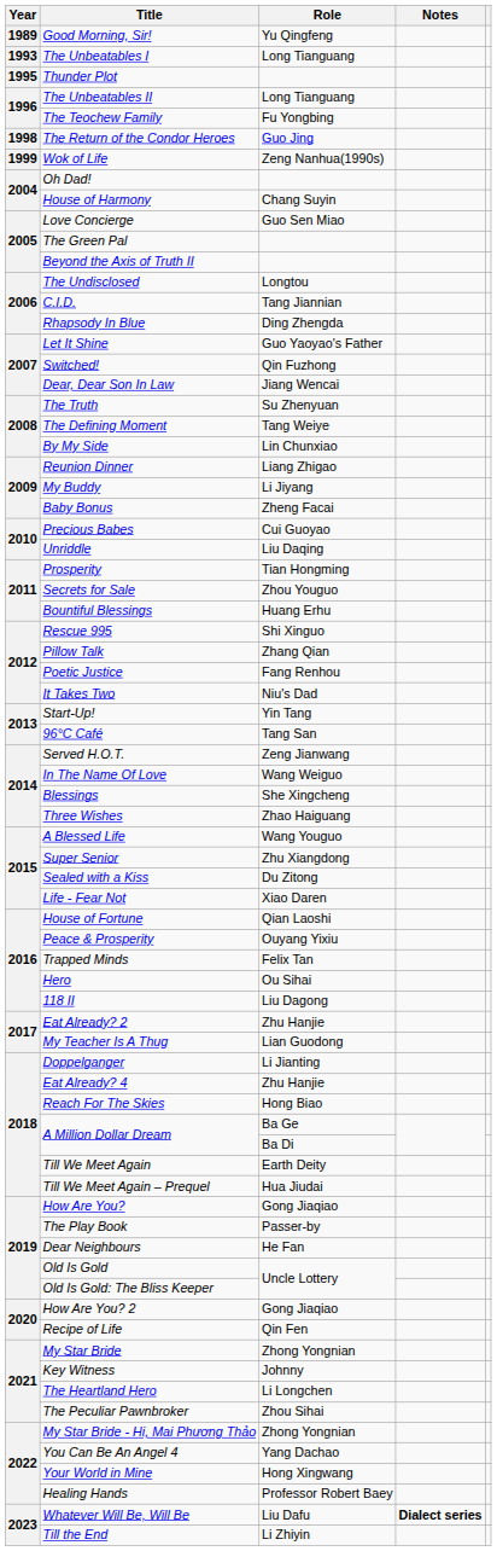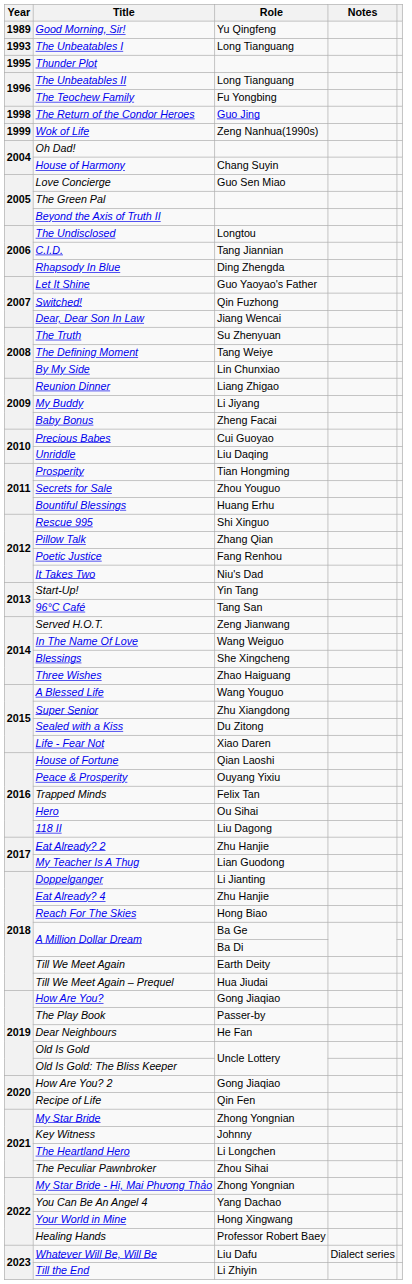 <table class="wikitable sortable plainrowheaders">
 <tr>
 <th scope="col">Year</th>
 <th scope="col">Title</th>
 <th scope="col">Role</th>
 <th scope="col" class="unsortable">Notes</th>
 <th scope="col" class="unsortable"></th>
 </tr>
 <tr>
 <th scope="row">1989</th>
 <td><em><a href='#'>Good Morning, Sir!</a></em></td>
 <td>Yu Qingfeng</td>
 <td></td>
 <td></td>
 </tr>
 <tr>
 <th scope="row">1993</th>
 <td><em><a href='#'>The Unbeatables I</a></em></td>
 <td>Long Tianguang</td>
 <td></td>
 <td></td>
 </tr>
 <tr>
 <th scope="row">1995</th>
 <td><em><a href='#'>Thunder Plot</a></em></td>
 <td></td>
 <td></td>
 <td></td>
 </tr>
 <tr>
 <th scope="row" rowspan="2">1996</th>
 <td><em><a href='#'>The Unbeatables II</a></em></td>
 <td>Long Tianguang</td>
 <td></td>
 <td></td>
 </tr>
 <tr>
 <td><em><a href='#'>The Teochew Family</a></em></td>
 <td>Fu Yongbing</td>
 <td></td>
 <td></td>
 </tr>
 <tr>
 <th scope="row">1998</th>
 <td><em><a href='#'>The Return of the Condor Heroes</a></em></td>
 <td><a href='#'>Guo Jing</a></td>
 <td></td>
 <td></td>
 </tr>
 <tr>
 <th scope="row">1999</th>
 <td><em><a href='#'>Wok of Life</a></em></td>
 <td>Zeng Nanhua(1990s)</td>
 <td></td>
 <td></td>
 </tr>
 <tr>
 <th scope="row" rowspan="2">2004</th>
 <td><em>Oh Dad!</em></td>
 <td></td>
 <td></td>
 <td></td>
 </tr>
 <tr>
 <td><em><a href='#'>House of Harmony</a></em></td>
 <td>Chang Suyin</td>
 <td></td>
 <td></td>
 </tr>
 <tr>
 <th scope="row" rowspan="3">2005</th>
 <td><em>Love Concierge</em></td>
 <td>Guo Sen Miao</td>
 <td></td>
 <td></td>
 </tr>
 <tr>
 <td><em>The Green Pal</em></td>
 <td></td>
 <td></td>
 <td></td>
 </tr>
 <tr>
 <td><em><a href='#'>Beyond the Axis of Truth II</a></em></td>
 <td></td>
 <td></td>
 <td></td>
 </tr>
 <tr>
 <th scope="row" rowspan="3">2006</th>
 <td><em><a href='#'>The Undisclosed</a></em></td>
 <td>Longtou</td>
 <td></td>
 <td></td>
 </tr>
 <tr>
 <td><em><a href='#'>C.I.D.</a></em></td>
 <td>Tang Jiannian</td>
 <td></td>
 <td></td>
 </tr>
 <tr>
 <td><em><a href='#'>Rhapsody In Blue</a></em></td>
 <td>Ding Zhengda</td>
 <td></td>
 <td></td>
 </tr>
 <tr>
 <th scope="row" rowspan="3">2007</th>
 <td><em><a href='#'>Let It Shine</a></em></td>
 <td>Guo Yaoyao's Father</td>
 <td></td>
 <td></td>
 </tr>
 <tr>
 <td><em><a href='#'>Switched!</a></em></td>
 <td>Qin Fuzhong</td>
 <td></td>
 <td></td>
 </tr>
 <tr>
 <td><em><a href='#'>Dear, Dear Son In Law</a></em></td>
 <td>Jiang Wencai</td>
 <td></td>
 <td></td>
 </tr>
 <tr>
 <th scope="row" rowspan="3">2008</th>
 <td><em><a href='#'>The Truth</a></em></td>
 <td>Su Zhenyuan</td>
 <td></td>
 <td></td>
 </tr>
 <tr>
 <td><em><a href='#'>The Defining Moment</a></em></td>
 <td>Tang Weiye</td>
 <td></td>
 <td></td>
 </tr>
 <tr>
 <td><em><a href='#'>By My Side</a></em></td>
 <td>Lin Chunxiao</td>
 <td></td>
 <td></td>
 </tr>
 <tr>
 <th scope="row" rowspan="3">2009</th>
 <td><em><a href='#'>Reunion Dinner</a></em></td>
 <td>Liang Zhigao</td>
 <td></td>
 <td></td>
 </tr>
 <tr>
 <td><em><a href='#'>My Buddy</a></em></td>
 <td>Li Jiyang</td>
 <td></td>
 <td></td>
 </tr>
 <tr>
 <td><em><a href='#'>Baby Bonus</a></em></td>
 <td>Zheng Facai</td>
 <td></td>
 <td></td>
 </tr>
 <tr>
 <th scope="row" rowspan="2">2010</th>
 <td><em><a href='#'>Precious Babes</a></em></td>
 <td>Cui Guoyao</td>
 <td></td>
 <td></td>
 </tr>
 <tr>
 <td><em><a href='#'>Unriddle</a></em></td>
 <td>Liu Daqing</td>
 <td></td>
 <td></td>
 </tr>
 <tr>
 <th scope="row" rowspan="3">2011</th>
 <td><em><a href='#'>Prosperity</a></em></td>
 <td>Tian Hongming</td>
 <td></td>
 <td></td>
 </tr>
 <tr>
 <td><em><a href='#'>Secrets for Sale</a></em></td>
 <td>Zhou Youguo</td>
 <td></td>
 <td></td>
 </tr>
 <tr>
 <td><em><a href='#'>Bountiful Blessings</a></em></td>
 <td>Huang Erhu</td>
 <td></td>
 <td></td>
 </tr>
 <tr>
 <th scope="row" rowspan="4">2012</th>
 <td><em><a href='#'>Rescue 995</a></em></td>
 <td>Shi Xinguo</td>
 <td></td>
 <td></td>
 </tr>
 <tr>
 <td><em><a href='#'>Pillow Talk</a></em></td>
 <td>Zhang Qian</td>
 <td></td>
 <td></td>
 </tr>
 <tr>
 <td><em><a href='#'>Poetic Justice</a></em></td>
 <td>Fang Renhou</td>
 <td></td>
 <td></td>
 </tr>
 <tr>
 <td><em><a href='#'>It Takes Two</a></em></td>
 <td>Niu's Dad</td>
 <td></td>
 <td></td>
 </tr>
 <tr>
 <th scope="row" rowspan="2">2013</th>
 <td><em>Start-Up!</em></td>
 <td>Yin Tang</td>
 <td></td>
 <td></td>
 </tr>
 <tr>
 <td><em><a href='#'>96°C Café</a></em></td>
 <td>Tang San</td>
 <td></td>
 <td></td>
 </tr>
 <tr>
 <th scope="row" rowspan="4">2014</th>
 <td><em>Served H.O.T.</em></td>
 <td>Zeng Jianwang</td>
 <td></td>
 <td></td>
 </tr>
 <tr>
 <td><em><a href='#'>In The Name Of Love</a></em></td>
 <td>Wang Weiguo</td>
 <td></td>
 <td></td>
 </tr>
 <tr>
 <td><em><a href='#'>Blessings</a></em></td>
 <td>She Xingcheng</td>
 <td></td>
 <td></td>
 </tr>
 <tr>
 <td><em><a href='#'>Three Wishes</a></em></td>
 <td>Zhao Haiguang</td>
 <td></td>
 <td></td>
 </tr>
 <tr>
 <th scope="row" rowspan="4">2015</th>
 <td><em><a href='#'>A Blessed Life</a></em></td>
 <td>Wang Youguo</td>
 <td></td>
 <td></td>
 </tr>
 <tr>
 <td><em><a href='#'>Super Senior</a></em></td>
 <td>Zhu Xiangdong</td>
 <td></td>
 <td></td>
 </tr>
 <tr>
 <td><em><a href='#'>Sealed with a Kiss</a></em></td>
 <td>Du Zitong</td>
 <td></td>
 <td></td>
 </tr>
 <tr>
 <td><em><a href='#'>Life - Fear Not</a></em></td>
 <td>Xiao Daren</td>
 <td></td>
 <td></td>
 </tr>
 <tr>
 <th scope="row" rowspan="5">2016</th>
 <td><em><a href='#'>House of Fortune</a></em></td>
 <td>Qian Laoshi</td>
 <td></td>
 <td></td>
 </tr>
 <tr>
 <td><em><a href='#'>Peace & Prosperity</a></em></td>
 <td>Ouyang Yixiu</td>
 <td></td>
 <td></td>
 </tr>
 <tr>
 <td><em>Trapped Minds</em></td>
 <td>Felix Tan</td>
 <td></td>
 <td></td>
 </tr>
 <tr>
 <td><em><a href='#'>Hero</a></em></td>
 <td>Ou Sihai</td>
 <td></td>
 <td></td>
 </tr>
 <tr>
 <td><em><a href='#'>118 II</a></em></td>
 <td>Liu Dagong</td>
 <td></td>
 <td></td>
 </tr>
 <tr>
 <th scope="row" rowspan="2">2017</th>
 <td><em><a href='#'>Eat Already? 2</a></em></td>
 <td>Zhu Hanjie</td>
 <td></td>
 <td></td>
 </tr>
 <tr>
 <td><em> <a href='#'>My Teacher Is A Thug</a></em></td>
 <td>Lian Guodong</td>
 <td></td>
 <td></td>
 </tr>
 <tr>
 <th scope="row" rowspan="7">2018</th>
 <td><em><a href='#'>Doppelganger</a></em></td>
 <td>Li Jianting</td>
 <td></td>
 <td></td>
 </tr>
 <tr>
 <td><em><a href='#'>Eat Already? 4</a></em></td>
 <td>Zhu Hanjie</td>
 <td></td>
 <td></td>
 </tr>
 <tr>
 <td><em><a href='#'>Reach For The Skies</a></em></td>
 <td>Hong Biao</td>
 <td></td>
 <td></td>
 </tr>
 <tr>
 <td rowspan="2"><em><a href='#'>A Million Dollar Dream</a></em></td>
 <td>Ba Ge</td>
 <td rowspan="2"></td>
 <td></td>
 </tr>
 <tr>
 <td>Ba Di</td>
 <td></td>
 </tr>
 <tr>
 <td><em>Till We Meet Again</em></td>
 <td>Earth Deity</td>
 <td></td>
 <td></td>
 </tr>
 <tr>
 <td><em>Till We Meet Again – Prequel</em></td>
 <td>Hua Jiudai</td>
 <td></td>
 <td></td>
 </tr>
 <tr>
 <th scope="row" rowspan="5">2019</th>
 <td><em><a href='#'>How Are You?</a></em></td>
 <td>Gong Jiaqiao</td>
 <td></td>
 <td></td>
 </tr>
 <tr>
 <td><em>The Play Book</em></td>
 <td>Passer-by</td>
 <td></td>
 <td></td>
 </tr>
 <tr>
 <td><em>Dear Neighbours</em></td>
 <td>He Fan</td>
 <td></td>
 <td></td>
 </tr>
 <tr>
 <td><em>Old Is Gold</em></td>
 <td rowspan="2">Uncle Lottery</td>
 <td></td>
 <td></td>
 </tr>
 <tr>
 <td><em>Old Is Gold: The Bliss Keeper</em></td>
 <td></td>
 <td></td>
 </tr>
 <tr>
 <th scope="row" rowspan="2">2020</th>
 <td><em>How Are You? 2</em></td>
 <td>Gong Jiaqiao</td>
 <td></td>
 <td></td>
 </tr>
 <tr>
 <td><em>Recipe of Life</em></td>
 <td>Qin Fen</td>
 <td></td>
 <td></td>
 </tr>
 <tr>
 <th scope="row" rowspan="4">2021</th>
 <td><em><a href='#'>My Star Bride</a></em></td>
 <td>Zhong Yongnian</td>
 <td></td>
 <td></td>
 </tr>
 <tr>
 <td><em>Key Witness</em></td>
 <td>Johnny</td>
 <td></td>
 <td></td>
 </tr>
 <tr>
 <td><em><a href='#'>The Heartland Hero</a></em></td>
 <td>Li Longchen</td>
 <td></td>
 <td></td>
 </tr>
 <tr>
 <td><em>The Peculiar Pawnbroker</em></td>
 <td>Zhou Sihai</td>
 <td></td>
 <td></td>
 </tr>
 <tr>
 <th scope="row" rowspan="4">2022</th>
 <td><em><a href='#'>My Star Bride - Hi, Mai Phương Thảo</a></em></td>
 <td>Zhong Yongnian</td>
 <td></td>
 <td></td>
 </tr>
 <tr>
 <td><em>You Can Be An Angel 4</em></td>
 <td>Yang Dachao</td>
 <td></td>
 <td></td>
 </tr>
 <tr>
 <td><em><a href='#'>Your World in Mine</a></em></td>
 <td>Hong Xingwang</td>
 <td></td>
 <td></td>
 </tr>
 <tr>
 <td><em>Healing Hands</em></td>
 <td>Professor Robert Baey</td>
 <td></td>
 <td></td>
 </tr>
 <tr>
 <th scope="row" rowspan="2">2023</th>
 <td><em><a href='#'>Whatever Will Be, Will Be</a></em></td>
 <td>Liu Dafu</td>
-<td><strong>Dialect series</strong></td>
+<td>Dialect series</td>
 <td></td>
 </tr>
 <tr>
 <td><em><a href='#'>Till the End</a></em></td>
 <td>Li Zhiyin</td>
 <td></td>
 <td></td>
 </tr>
 </table>
